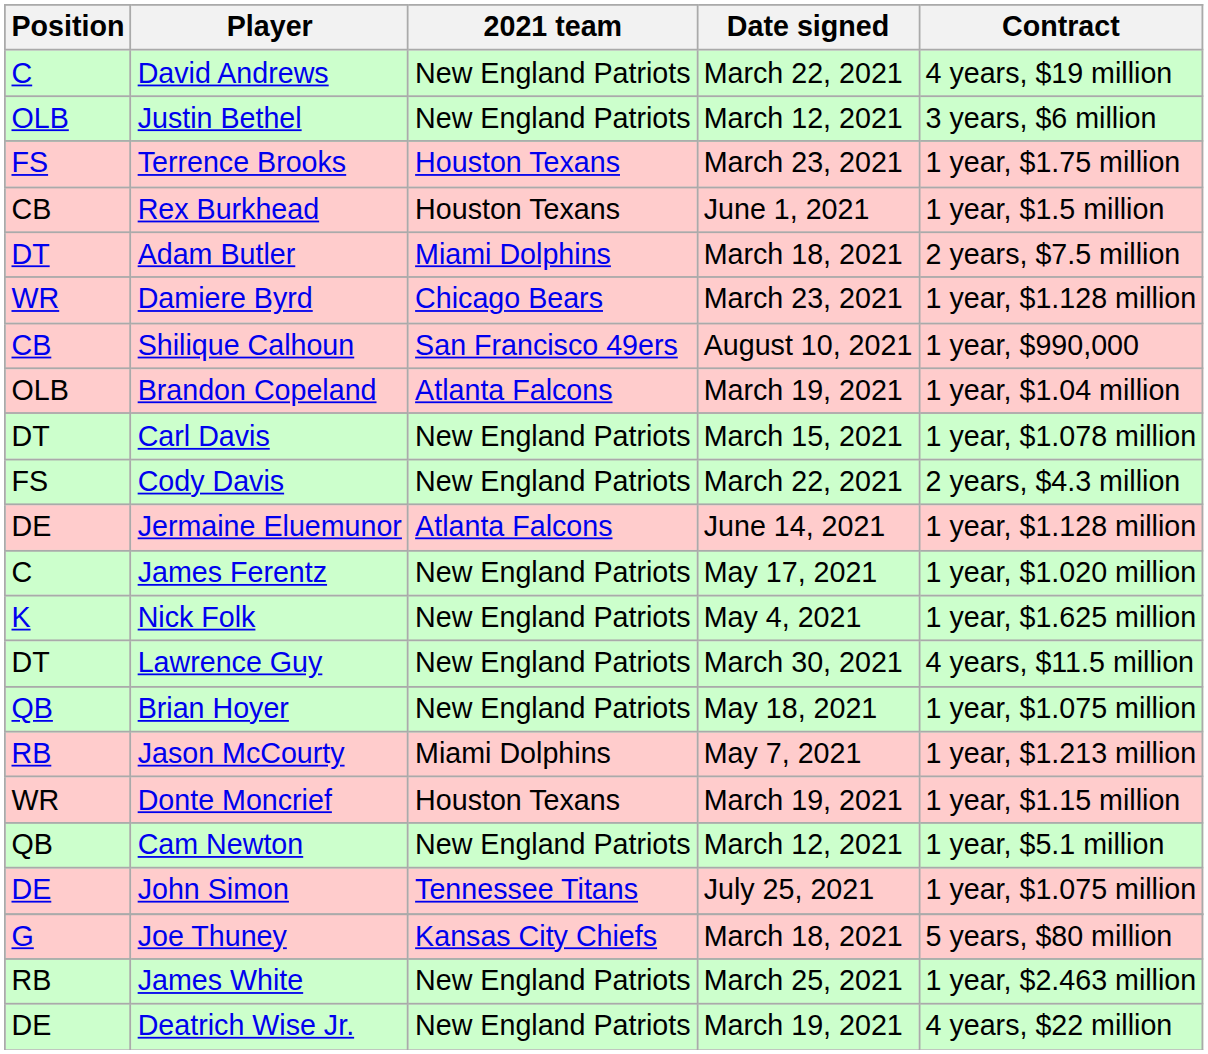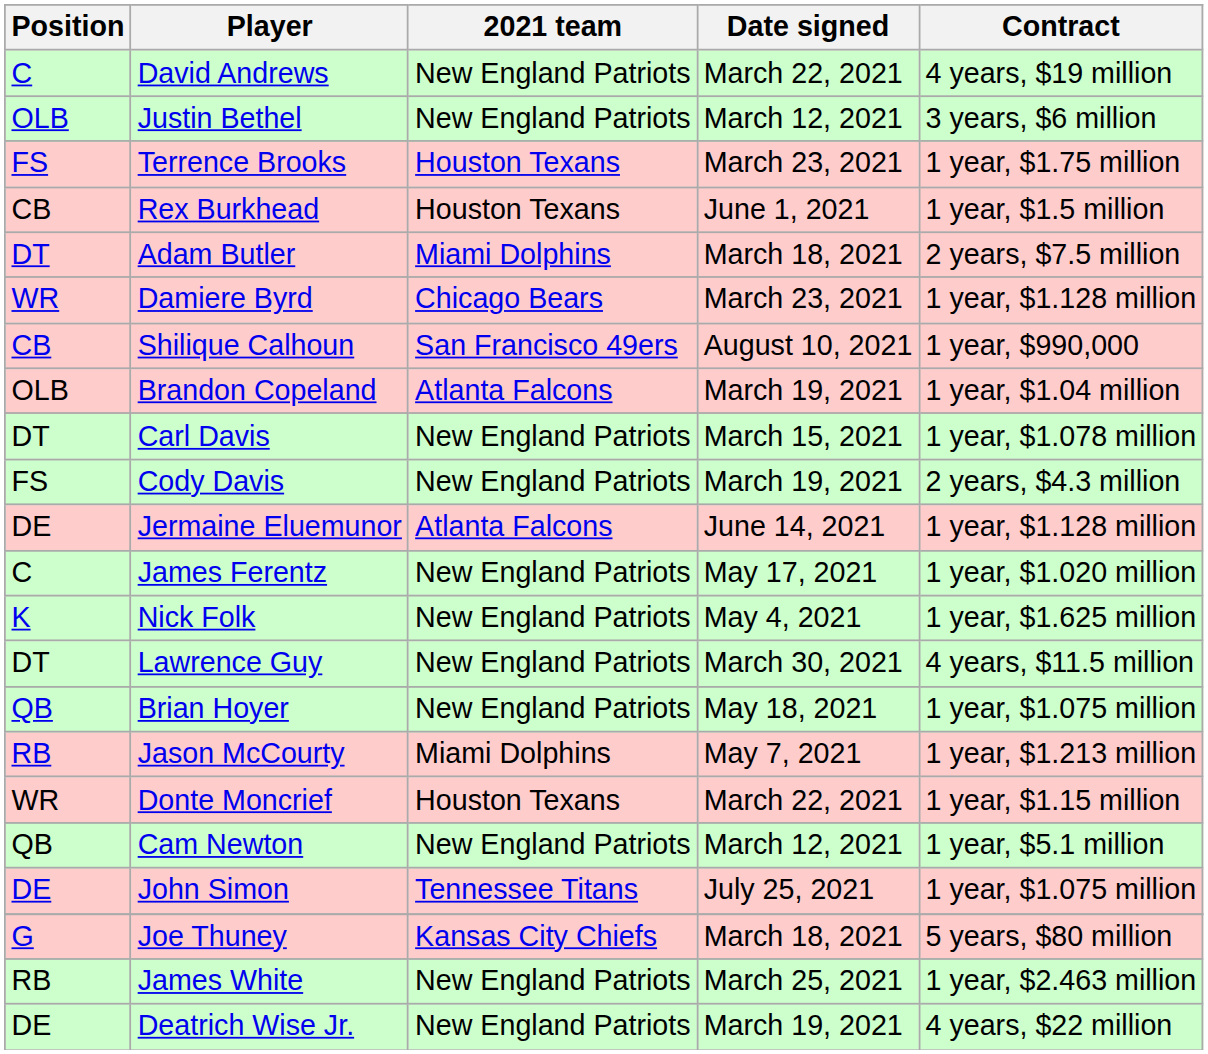 <table class="wikitable">
 <tr>
 <th>Position</th>
 <th>Player</th>
 <th>2021 team</th>
 <th>Date signed</th>
 <th>Contract</th>
 </tr>
 <tr style="background:#cfc;">
 <td><a href='#'>C</a></td>
 <td><a href='#'>David Andrews</a></td>
 <td>New England Patriots</td>
 <td>March 22, 2021</td>
 <td>4 years, $19 million</td>
 </tr>
 <tr style="background:#cfc;">
 <td><a href='#'>OLB</a></td>
 <td><a href='#'>Justin Bethel</a></td>
 <td>New England Patriots</td>
 <td>March 12, 2021</td>
 <td>3 years, $6 million</td>
 </tr>
 <tr style="background:#fcc">
 <td><a href='#'>FS</a></td>
 <td><a href='#'>Terrence Brooks</a></td>
 <td><a href='#'>Houston Texans</a></td>
 <td>March 23, 2021</td>
 <td>1 year, $1.75 million</td>
 </tr>
 <tr style="background:#fcc">
 <td>CB</td>
 <td><a href='#'>Rex Burkhead</a></td>
 <td>Houston Texans</td>
 <td>June 1, 2021</td>
 <td>1 year, $1.5 million</td>
 </tr>
 <tr style="background:#fcc">
 <td><a href='#'>DT</a></td>
 <td><a href='#'>Adam Butler</a></td>
 <td><a href='#'>Miami Dolphins</a></td>
 <td>March 18, 2021</td>
 <td>2 years, $7.5 million</td>
 </tr>
 <tr style="background:#fcc">
 <td><a href='#'>WR</a></td>
 <td><a href='#'>Damiere Byrd</a></td>
 <td><a href='#'>Chicago Bears</a></td>
 <td>March 23, 2021</td>
 <td>1 year, $1.128 million</td>
 </tr>
 <tr style="background:#fcc">
 <td><a href='#'>CB</a></td>
 <td><a href='#'>Shilique Calhoun</a></td>
 <td><a href='#'>San Francisco 49ers</a></td>
 <td>August 10, 2021</td>
 <td>1 year, $990,000</td>
 </tr>
 <tr style="background:#fcc;">
 <td>OLB</td>
 <td><a href='#'>Brandon Copeland</a></td>
 <td><a href='#'>Atlanta Falcons</a></td>
 <td>March 19, 2021</td>
 <td>1 year, $1.04 million</td>
 </tr>
 <tr style="background:#cfc;">
 <td>DT</td>
 <td><a href='#'>Carl Davis</a></td>
 <td>New England Patriots</td>
 <td>March 15, 2021</td>
 <td>1 year, $1.078 million</td>
 </tr>
 <tr style="background:#cfc;">
 <td>FS</td>
 <td><a href='#'>Cody Davis</a></td>
 <td>New England Patriots</td>
-<td>March 22, 2021</td>
+<td>March 19, 2021</td>
 <td>2 years, $4.3 million</td>
 </tr>
 <tr style="background:#fcc">
 <td>DE</td>
 <td><a href='#'>Jermaine Eluemunor</a></td>
 <td><a href='#'>Atlanta Falcons</a></td>
 <td>June 14, 2021</td>
 <td>1 year, $1.128 million</td>
 </tr>
 <tr style="background:#cfc;">
 <td>C</td>
 <td><a href='#'>James Ferentz</a></td>
 <td>New England Patriots</td>
 <td>May 17, 2021</td>
 <td>1 year, $1.020 million</td>
 </tr>
 <tr style="background:#cfc;">
 <td><a href='#'>K</a></td>
 <td><a href='#'>Nick Folk</a></td>
 <td>New England Patriots</td>
 <td>May 4, 2021</td>
 <td>1 year, $1.625 million</td>
 </tr>
 <tr style="background:#cfc;">
 <td>DT</td>
 <td><a href='#'>Lawrence Guy</a></td>
 <td>New England Patriots</td>
 <td>March 30, 2021</td>
 <td>4 years, $11.5 million</td>
 </tr>
 <tr style="background:#cfc;">
 <td><a href='#'>QB</a></td>
 <td><a href='#'>Brian Hoyer</a></td>
 <td>New England Patriots</td>
 <td>May 18, 2021</td>
 <td>1 year, $1.075 million</td>
 </tr>
 <tr style="background:#fcc">
 <td><a href='#'>RB</a></td>
 <td><a href='#'>Jason McCourty</a></td>
 <td>Miami Dolphins</td>
 <td>May 7, 2021</td>
 <td>1 year, $1.213 million</td>
 </tr>
 <tr style="background:#fcc;">
 <td>WR</td>
 <td><a href='#'>Donte Moncrief</a></td>
 <td>Houston Texans</td>
-<td>March 19, 2021</td>
+<td>March 22, 2021</td>
 <td>1 year, $1.15 million</td>
 </tr>
 <tr style="background:#cfc;">
 <td>QB</td>
 <td><a href='#'>Cam Newton</a></td>
 <td>New England Patriots</td>
 <td>March 12, 2021</td>
 <td>1 year, $5.1 million</td>
 </tr>
 <tr style="background:#fcc">
 <td><a href='#'>DE</a></td>
 <td><a href='#'>John Simon</a></td>
 <td><a href='#'>Tennessee Titans</a></td>
 <td>July 25, 2021</td>
 <td>1 year, $1.075 million</td>
 </tr>
 <tr>
 </tr>
 <tr style="background:#fcc">
 <td><a href='#'>G</a></td>
 <td><a href='#'>Joe Thuney</a></td>
 <td><a href='#'>Kansas City Chiefs</a></td>
 <td>March 18, 2021</td>
 <td>5 years, $80 million</td>
 </tr>
 <tr style="background:#cfc;">
 <td>RB</td>
 <td><a href='#'>James White</a></td>
 <td>New England Patriots</td>
 <td>March 25, 2021</td>
 <td>1 year, $2.463 million</td>
 </tr>
 <tr style="background:#cfc;">
 <td>DE</td>
 <td><a href='#'>Deatrich Wise Jr.</a></td>
 <td>New England Patriots</td>
 <td>March 19, 2021</td>
 <td>4 years, $22 million</td>
 </tr>
 </table>
